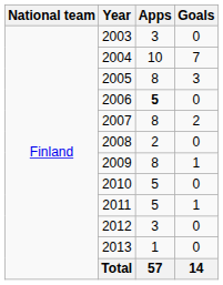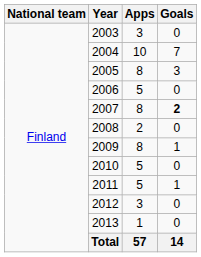 <table class="wikitable" style="text-align:center">
 <tr>
 <th>National team</th>
 <th>Year</th>
 <th>Apps</th>
 <th>Goals</th>
 </tr>
 <tr>
 <td rowspan="12"><a href='#'>Finland</a></td>
 <td>2003</td>
 <td>3</td>
 <td>0</td>
 </tr>
 <tr>
 <td>2004</td>
 <td>10</td>
 <td>7</td>
 </tr>
 <tr>
 <td>2005</td>
 <td>8</td>
 <td>3</td>
 </tr>
 <tr>
 <td>2006</td>
-<td><strong>5</strong></td>
+<td>5</td>
 <td>0</td>
 </tr>
 <tr>
 <td>2007</td>
 <td>8</td>
-<td>2</td>
+<td><strong>2</strong></td>
 </tr>
 <tr>
 <td>2008</td>
 <td>2</td>
 <td>0</td>
 </tr>
 <tr>
 <td>2009</td>
 <td>8</td>
 <td>1</td>
 </tr>
 <tr>
 <td>2010</td>
 <td>5</td>
 <td>0</td>
 </tr>
 <tr>
 <td>2011</td>
 <td>5</td>
 <td>1</td>
 </tr>
 <tr>
 <td>2012</td>
 <td>3</td>
 <td>0</td>
 </tr>
 <tr>
 <td>2013</td>
 <td>1</td>
 <td>0</td>
 </tr>
 <tr>
 <th>Total</th>
 <th>57</th>
 <th>14</th>
 </tr>
 </table>
